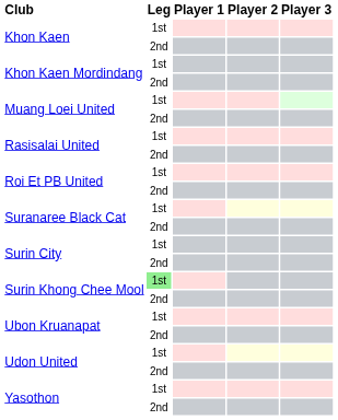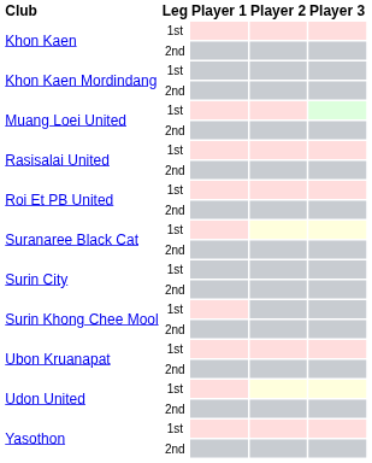 <table class="sortable" style="text-align:left">
 <tr>
 <th>Club</th>
 <th>Leg</th>
 <th>Player 1</th>
 <th>Player 2</th>
 <th>Player 3</th>
 </tr>
 <tr>
 <td rowspan="2"><a href='#'>Khon Kaen</a></td>
 <td align="center"><small>1st</small></td>
 <td bgcolor="#ffdddd"></td>
 <td bgcolor="#ffdddd"></td>
 <td bgcolor="#ffdddd"></td>
 </tr>
 <tr>
 <td align="center"><small>2nd</small></td>
 <td bgcolor="#c8ccd1"></td>
 <td bgcolor="#c8ccd1"></td>
 <td bgcolor="#c8ccd1"></td>
 </tr>
 <tr>
 <td rowspan="2"><a href='#'>Khon Kaen Mordindang</a></td>
 <td align="center"><small>1st</small></td>
 <td bgcolor="#c8ccd1"></td>
 <td bgcolor="#c8ccd1"></td>
 <td bgcolor="#c8ccd1"></td>
 </tr>
 <tr>
 <td align="center"><small>2nd</small></td>
 <td bgcolor="#c8ccd1"></td>
 <td bgcolor="#c8ccd1"></td>
 <td bgcolor="#c8ccd1"></td>
 </tr>
 <tr>
 <td rowspan="2"><a href='#'>Muang Loei United</a></td>
 <td align="center"><small>1st</small></td>
 <td bgcolor="#ffdddd"></td>
 <td bgcolor="#ffdddd"></td>
 <td bgcolor="#ddffdd"></td>
 </tr>
 <tr>
 <td align="center"><small>2nd</small></td>
 <td bgcolor="#c8ccd1"></td>
 <td bgcolor="#c8ccd1"></td>
 <td bgcolor="#c8ccd1"></td>
 </tr>
 <tr>
 <td rowspan="2"><a href='#'>Rasisalai United</a></td>
 <td align="center"><small>1st</small></td>
 <td bgcolor="#ffdddd"></td>
 <td bgcolor="#ffdddd"></td>
 <td bgcolor="#ffdddd"></td>
 </tr>
 <tr>
 <td align="center"><small>2nd</small></td>
 <td bgcolor="#c8ccd1"></td>
 <td bgcolor="#c8ccd1"></td>
 <td bgcolor="#c8ccd1"></td>
 </tr>
 <tr>
 <td rowspan="2"><a href='#'>Roi Et PB United</a></td>
 <td align="center"><small>1st</small></td>
 <td bgcolor="#ffdddd"></td>
 <td bgcolor="#ffdddd"></td>
 <td bgcolor="#ffdddd"></td>
 </tr>
 <tr>
 <td align="center"><small>2nd</small></td>
 <td bgcolor="#c8ccd1"></td>
 <td bgcolor="#c8ccd1"></td>
 <td bgcolor="#c8ccd1"></td>
 </tr>
 <tr>
 <td rowspan="2"><a href='#'>Suranaree Black Cat</a></td>
 <td align="center"><small>1st</small></td>
 <td bgcolor="#ffdddd"></td>
 <td bgcolor="#ffffdd"></td>
 <td bgcolor="#ffffdd"></td>
 </tr>
 <tr>
 <td align="center"><small>2nd</small></td>
 <td bgcolor="#c8ccd1"></td>
 <td bgcolor="#c8ccd1"></td>
 <td bgcolor="#c8ccd1"></td>
 </tr>
 <tr>
 <td rowspan="2"><a href='#'>Surin City</a></td>
 <td align="center"><small>1st</small></td>
 <td bgcolor="#c8ccd1"></td>
 <td bgcolor="#c8ccd1"></td>
 <td bgcolor="#c8ccd1"></td>
 </tr>
 <tr>
 <td align="center"><small>2nd</small></td>
 <td bgcolor="#c8ccd1"></td>
 <td bgcolor="#c8ccd1"></td>
 <td bgcolor="#c8ccd1"></td>
 </tr>
 <tr>
 <td rowspan="2"><a href='#'>Surin Khong Chee Mool</a></td>
-<td align="center" style="background: lightgreen;"><small>1st</small></td>
+<td align="center"><small>1st</small></td>
 <td bgcolor="#ffdddd"></td>
 <td bgcolor="#c8ccd1"></td>
 <td bgcolor="#c8ccd1"></td>
 </tr>
 <tr>
 <td align="center"><small>2nd</small></td>
 <td bgcolor="#c8ccd1"></td>
 <td bgcolor="#c8ccd1"></td>
 <td bgcolor="#c8ccd1"></td>
 </tr>
 <tr>
 <td rowspan="2"><a href='#'>Ubon Kruanapat</a></td>
 <td align="center"><small>1st</small></td>
 <td bgcolor="#ffdddd"></td>
 <td bgcolor="#ffdddd"></td>
 <td bgcolor="#ffdddd"></td>
 </tr>
 <tr>
 <td align="center"><small>2nd</small></td>
 <td bgcolor="#c8ccd1"></td>
 <td bgcolor="#c8ccd1"></td>
 <td bgcolor="#c8ccd1"></td>
 </tr>
 <tr>
 <td rowspan="2"><a href='#'>Udon United</a></td>
 <td align="center"><small>1st</small></td>
 <td bgcolor="#ffdddd"></td>
 <td bgcolor="#ffffdd"></td>
 <td bgcolor="#ffffdd"></td>
 </tr>
 <tr>
 <td align="center"><small>2nd</small></td>
 <td bgcolor="#c8ccd1"></td>
 <td bgcolor="#c8ccd1"></td>
 <td bgcolor="#c8ccd1"></td>
 </tr>
 <tr>
 <td rowspan="2"><a href='#'>Yasothon</a></td>
 <td align="center"><small>1st</small></td>
 <td bgcolor="#ffdddd"></td>
 <td bgcolor="#ffdddd"></td>
 <td bgcolor="#ffdddd"></td>
 </tr>
 <tr>
 <td align="center"><small>2nd</small></td>
 <td bgcolor="#c8ccd1"></td>
 <td bgcolor="#c8ccd1"></td>
 <td bgcolor="#c8ccd1"></td>
 </tr>
 </table>
